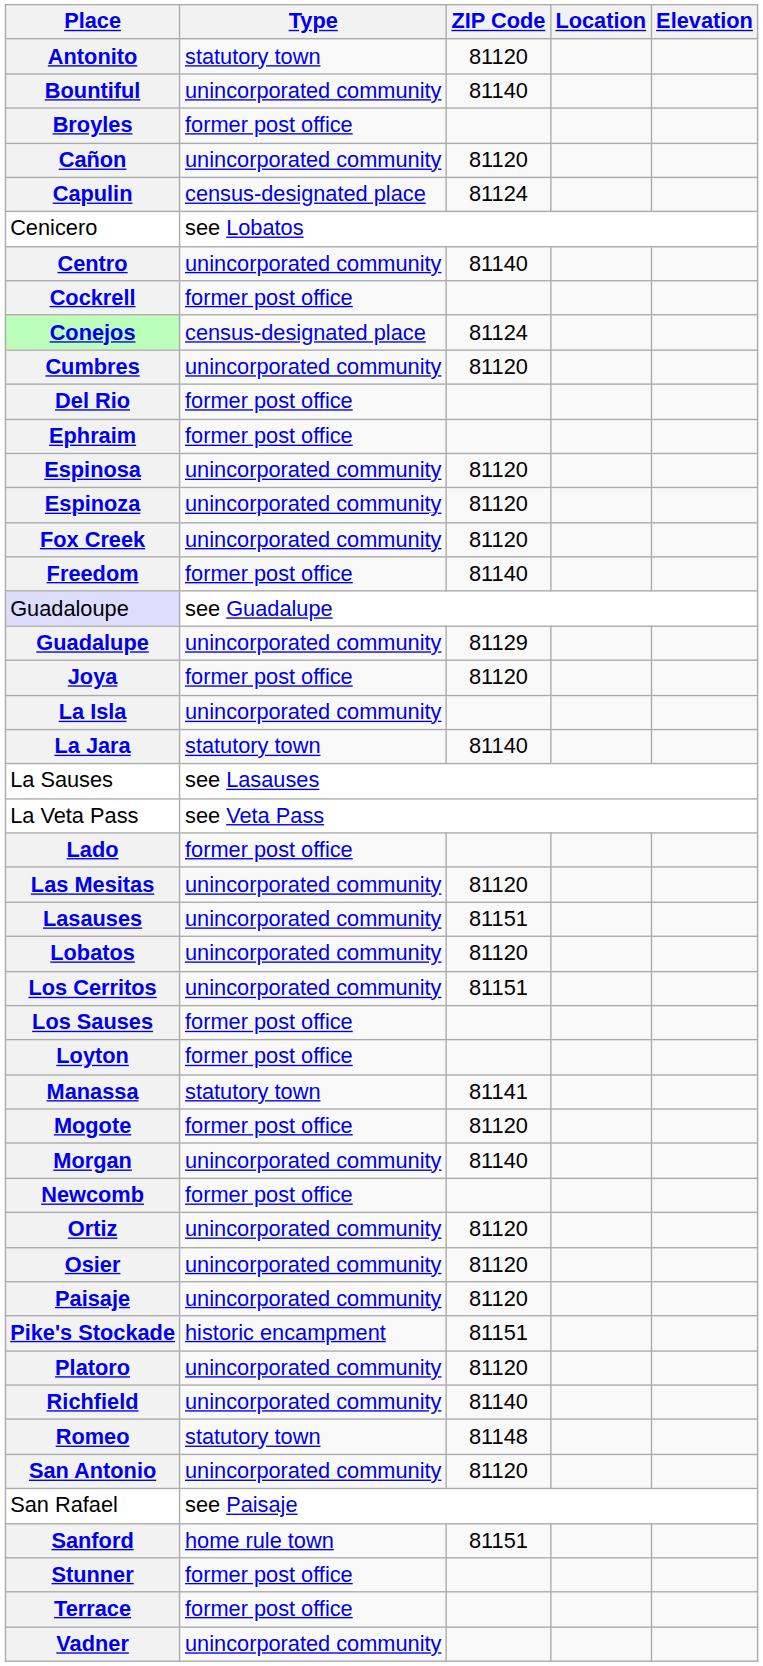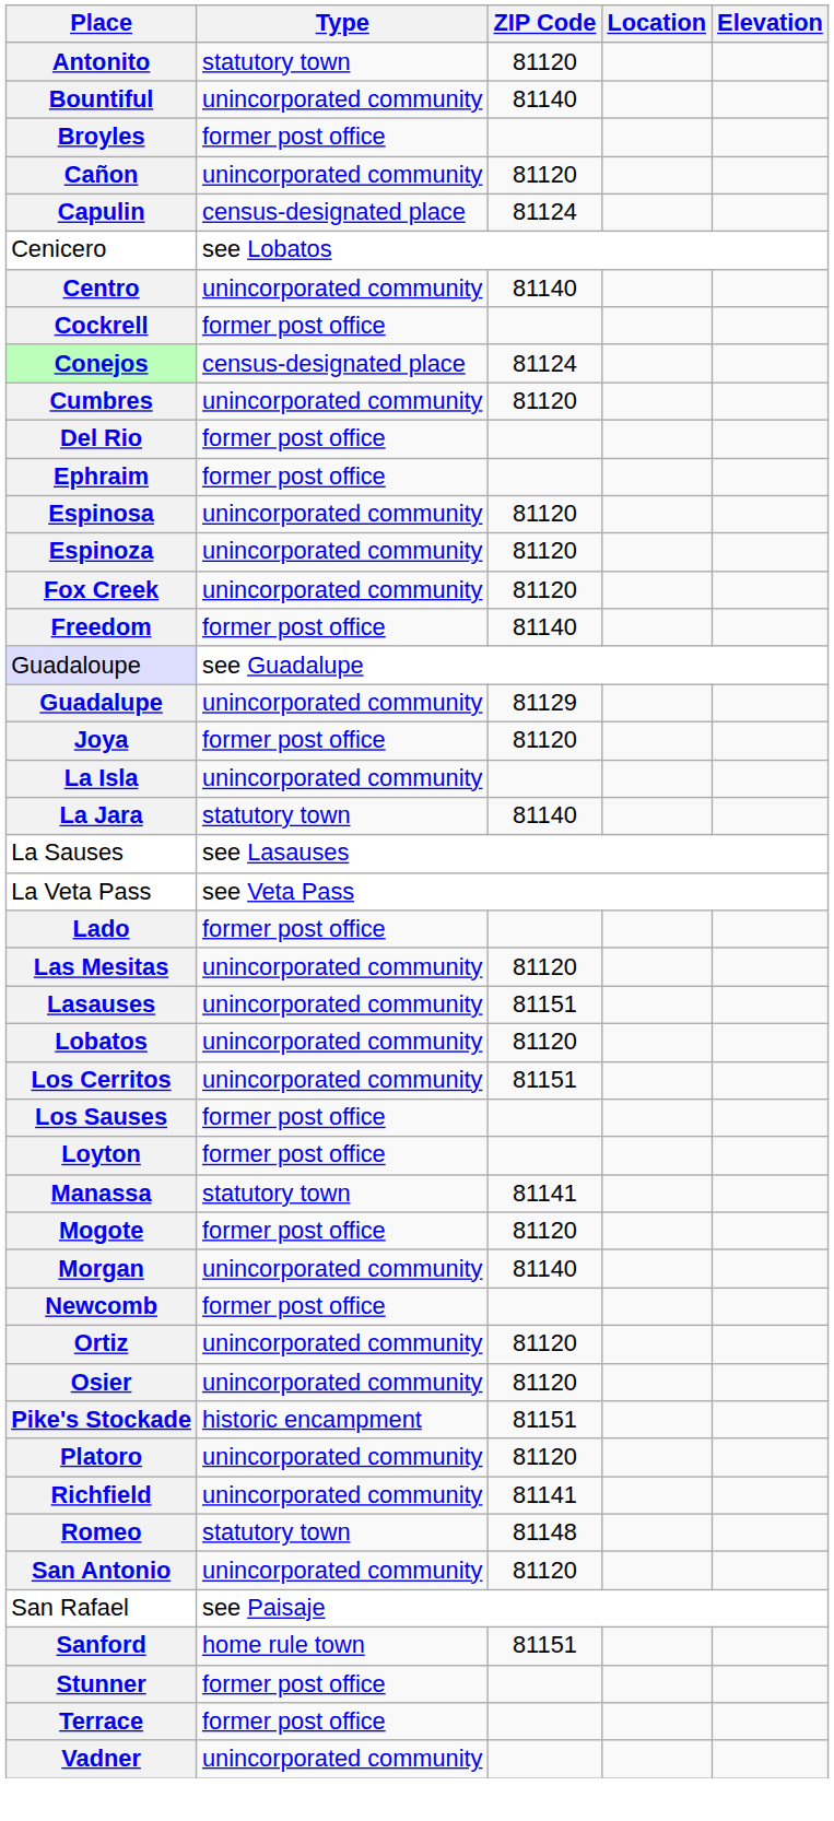 <table class="wikitable sortable  plainrowheaders" style="margin:auto;">
 <tr>
 <th scope=col><a href='#'>Place</a></th>
 <th scope=col><a href='#'>Type</a></th>
 <th scope=col><a href='#'>ZIP Code</a></th>
 <th scope=col><a href='#'>Location</a></th>
 <th scope=col><a href='#'>Elevation</a></th>
 </tr>
 <tr>
 <th scope=row><a href='#'>Antonito</a></th>
 <td><a href='#'>statutory town</a></td>
 <td align=center>81120</td>
 <td></td>
 <td align=right></td>
 </tr>
 <tr>
 <th scope=row><a href='#'>Bountiful</a></th>
 <td><a href='#'>unincorporated community</a></td>
 <td align=center>81140</td>
 <td></td>
 <td align=right></td>
 </tr>
 <tr>
 <th scope=row><a href='#'>Broyles</a></th>
 <td><a href='#'>former post office</a></td>
 <td align=center></td>
 <td></td>
 <td></td>
 </tr>
 <tr>
 <th scope=row><a href='#'>Cañon</a></th>
 <td><a href='#'>unincorporated community</a></td>
 <td align=center>81120</td>
 <td></td>
 <td align=right></td>
 </tr>
 <tr>
 <th scope=row><a href='#'>Capulin</a></th>
 <td><a href='#'>census-designated place</a></td>
 <td align=center>81124</td>
 <td></td>
 <td align=right></td>
 </tr>
 <tr bgcolor=white>
 <td>Cenicero</td>
 <td colspan=4>see <a href='#'>Lobatos</a></td>
 </tr>
 <tr>
 <th scope=row><a href='#'>Centro</a></th>
 <td><a href='#'>unincorporated community</a></td>
 <td align=center>81140</td>
 <td></td>
 <td align=right></td>
 </tr>
 <tr>
 <th scope=row><a href='#'>Cockrell</a></th>
 <td><a href='#'>former post office</a></td>
 <td align=center></td>
 <td></td>
 <td></td>
 </tr>
 <tr>
 <th scope=row style="background:#BBFFBB;"><a href='#'>Conejos</a></th>
 <td><a href='#'>census-designated place</a></td>
 <td align=center>81124</td>
 <td></td>
 <td align=right></td>
 </tr>
 <tr>
 <th scope=row><a href='#'>Cumbres</a></th>
 <td><a href='#'>unincorporated community</a></td>
 <td align=center>81120</td>
 <td></td>
 <td align=right></td>
 </tr>
 <tr>
 <th scope=row><a href='#'>Del Rio</a></th>
 <td><a href='#'>former post office</a></td>
 <td align=center></td>
 <td></td>
 <td></td>
 </tr>
 <tr>
 <th scope=row><a href='#'>Ephraim</a></th>
 <td><a href='#'>former post office</a></td>
 <td align=center></td>
 <td></td>
 <td></td>
 </tr>
 <tr>
 <th scope=row><a href='#'>Espinosa</a></th>
 <td><a href='#'>unincorporated community</a></td>
 <td align=center>81120</td>
 <td></td>
 <td align=right></td>
 </tr>
 <tr>
 <th scope=row><a href='#'>Espinoza</a></th>
 <td><a href='#'>unincorporated community</a></td>
 <td align=center>81120</td>
 <td></td>
 <td></td>
 </tr>
 <tr>
 <th scope=row><a href='#'>Fox Creek</a></th>
 <td><a href='#'>unincorporated community</a></td>
 <td align=center>81120</td>
 <td></td>
 <td align=right></td>
 </tr>
 <tr>
 <th scope=row><a href='#'>Freedom</a></th>
 <td><a href='#'>former post office</a></td>
 <td align=center>81140</td>
 <td></td>
 <td></td>
 </tr>
 <tr bgcolor=white>
 <td style="background:#DDDDFF;">Guadaloupe</td>
 <td colspan=4>see <a href='#'>Guadalupe</a></td>
 </tr>
 <tr>
 <th scope=row><a href='#'>Guadalupe</a></th>
 <td><a href='#'>unincorporated community</a></td>
 <td align=center>81129</td>
 <td></td>
 <td align=right></td>
 </tr>
 <tr>
 <th scope=row><a href='#'>Joya</a></th>
 <td><a href='#'>former post office</a></td>
 <td align=center>81120</td>
 <td></td>
 <td></td>
 </tr>
 <tr>
 <th scope=row><a href='#'>La Isla</a></th>
 <td><a href='#'>unincorporated community</a></td>
 <td align=center></td>
 <td></td>
 <td align=right></td>
 </tr>
 <tr>
 <th scope=row><a href='#'>La Jara</a></th>
 <td><a href='#'>statutory town</a></td>
 <td align=center>81140</td>
 <td></td>
 <td align=right></td>
 </tr>
 <tr bgcolor=white>
 <td>La Sauses</td>
 <td colspan=4>see <a href='#'>Lasauses</a></td>
 </tr>
 <tr bgcolor=white>
 <td>La Veta Pass</td>
 <td colspan=4>see <a href='#'>Veta Pass</a></td>
 </tr>
 <tr>
 <th scope=row><a href='#'>Lado</a></th>
 <td><a href='#'>former post office</a></td>
 <td align=center></td>
 <td></td>
 <td></td>
 </tr>
 <tr>
 <th scope=row><a href='#'>Las Mesitas</a></th>
 <td><a href='#'>unincorporated community</a></td>
 <td align=center>81120</td>
 <td></td>
 <td align=right></td>
 </tr>
 <tr>
 <th scope=row><a href='#'>Lasauses</a></th>
 <td><a href='#'>unincorporated community</a></td>
 <td align=center>81151</td>
 <td></td>
 <td align=right></td>
 </tr>
 <tr>
 <th scope=row><a href='#'>Lobatos</a></th>
 <td><a href='#'>unincorporated community</a></td>
 <td align=center>81120</td>
 <td></td>
 <td align=right></td>
 </tr>
 <tr>
 <th scope=row><a href='#'>Los Cerritos</a></th>
 <td><a href='#'>unincorporated community</a></td>
 <td align=center>81151</td>
 <td></td>
 <td align=right></td>
 </tr>
 <tr>
 <th scope=row><a href='#'>Los Sauses</a></th>
 <td><a href='#'>former post office</a></td>
 <td align=center></td>
 <td></td>
 <td></td>
 </tr>
 <tr>
 <th scope=row><a href='#'>Loyton</a></th>
 <td><a href='#'>former post office</a></td>
 <td align=center></td>
 <td></td>
 <td></td>
 </tr>
 <tr>
 <th scope=row><a href='#'>Manassa</a></th>
 <td><a href='#'>statutory town</a></td>
 <td align=center>81141</td>
 <td></td>
 <td align=right></td>
 </tr>
 <tr>
 <th scope=row><a href='#'>Mogote</a></th>
 <td><a href='#'>former post office</a></td>
 <td align=center>81120</td>
 <td></td>
 <td align=right></td>
 </tr>
 <tr>
 <th scope=row><a href='#'>Morgan</a></th>
 <td><a href='#'>unincorporated community</a></td>
 <td align=center>81140</td>
 <td></td>
 <td align=right></td>
 </tr>
 <tr>
 <th scope=row><a href='#'>Newcomb</a></th>
 <td><a href='#'>former post office</a></td>
 <td align=center></td>
 <td></td>
 <td></td>
 </tr>
 <tr>
 <th scope=row><a href='#'>Ortiz</a></th>
 <td><a href='#'>unincorporated community</a></td>
 <td align=center>81120</td>
 <td></td>
 <td align=right></td>
 </tr>
 <tr>
 <th scope=row><a href='#'>Osier</a></th>
 <td><a href='#'>unincorporated community</a></td>
 <td align=center>81120</td>
 <td></td>
 <td align=right></td>
 </tr>
 <tr>
-<th scope=row><a href='#'>Paisaje</a></th>
-<td><a href='#'>unincorporated community</a></td>
-<td align=center>81120</td>
-<td></td>
-<td align=right></td>
-</tr>
-<tr>
 <th scope=row><a href='#'>Pike's Stockade</a></th>
 <td><a href='#'>historic encampment</a></td>
 <td align=center>81151</td>
 <td></td>
 <td></td>
 </tr>
 <tr>
 <th scope=row><a href='#'>Platoro</a></th>
 <td><a href='#'>unincorporated community</a></td>
 <td align=center>81120</td>
 <td></td>
 <td align=right></td>
 </tr>
 <tr>
 <th scope=row><a href='#'>Richfield</a></th>
 <td><a href='#'>unincorporated community</a></td>
-<td align=center>81140</td>
+<td align=center>81141</td>
 <td></td>
 <td align=right></td>
 </tr>
 <tr>
 <th scope=row><a href='#'>Romeo</a></th>
 <td><a href='#'>statutory town</a></td>
 <td align=center>81148</td>
 <td></td>
 <td align=right></td>
 </tr>
 <tr>
 <th scope=row><a href='#'>San Antonio</a></th>
 <td><a href='#'>unincorporated community</a></td>
 <td align=center>81120</td>
 <td></td>
 <td align=right></td>
 </tr>
 <tr bgcolor=white>
 <td>San Rafael</td>
 <td colspan=4>see <a href='#'>Paisaje</a></td>
 </tr>
 <tr>
 <th scope=row><a href='#'>Sanford</a></th>
 <td><a href='#'>home rule town</a></td>
 <td align=center>81151</td>
 <td></td>
 <td align=right></td>
 </tr>
 <tr>
 <th scope=row><a href='#'>Stunner</a></th>
 <td><a href='#'>former post office</a></td>
 <td align=center></td>
 <td></td>
 <td></td>
 </tr>
 <tr>
 <th scope=row><a href='#'>Terrace</a></th>
 <td><a href='#'>former post office</a></td>
 <td align=center></td>
 <td></td>
 <td></td>
 </tr>
 <tr>
 <th scope=row><a href='#'>Vadner</a></th>
 <td><a href='#'>unincorporated community</a></td>
 <td align=center></td>
 <td></td>
 <td></td>
 </tr>
 </table>
